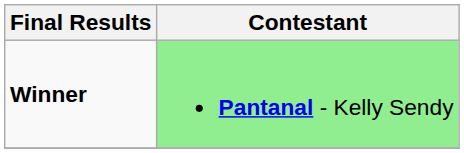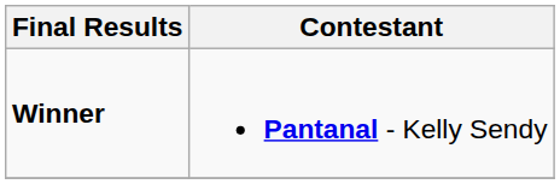 <table class="wikitable">
 <tr>
 <th>Final Results</th>
 <th>Contestant</th>
 </tr>
 <tr>
 <td><strong>Winner</strong></td>
-<td style="background: lightgreen;"><br><ul><li><strong> <a href='#'>Pantanal</a></strong> - Kelly Sendy</li></ul></td>
+<td><br><ul><li><strong> <a href='#'>Pantanal</a></strong> - Kelly Sendy</li></ul></td>
 </tr>
 <tr>
 </tr>
 </table>
